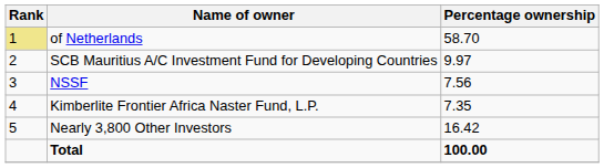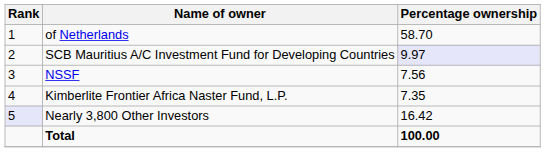 <table class="wikitable sortable" style="margin:0.5em auto">
 <tr>
 <th>Rank</th>
 <th>Name of owner</th>
 <th>Percentage ownership</th>
 </tr>
 <tr>
-<td style="background: khaki;">1</td>
+<td>1</td>
 <td> of <a href='#'>Netherlands</a></td>
 <td>58.70</td>
 </tr>
 <tr>
 <td>2</td>
 <td>SCB Mauritius A/C Investment Fund for Developing Countries</td>
-<td>9.97</td>
+<td style="background: lavender;">9.97</td>
 </tr>
 <tr>
 <td>3</td>
 <td><a href='#'>NSSF</a></td>
 <td>7.56</td>
 </tr>
 <tr>
 <td>4</td>
 <td>Kimberlite Frontier Africa Naster Fund, L.P.</td>
 <td>7.35</td>
 </tr>
 <tr>
-<td>5</td>
+<td style="background: lavender;">5</td>
 <td>Nearly 3,800 Other Investors</td>
 <td>16.42</td>
 </tr>
 <tr>
 <td></td>
 <td><strong>Total</strong></td>
 <td><strong>100.00</strong></td>
 </tr>
 <tr>
 </tr>
 </table>
